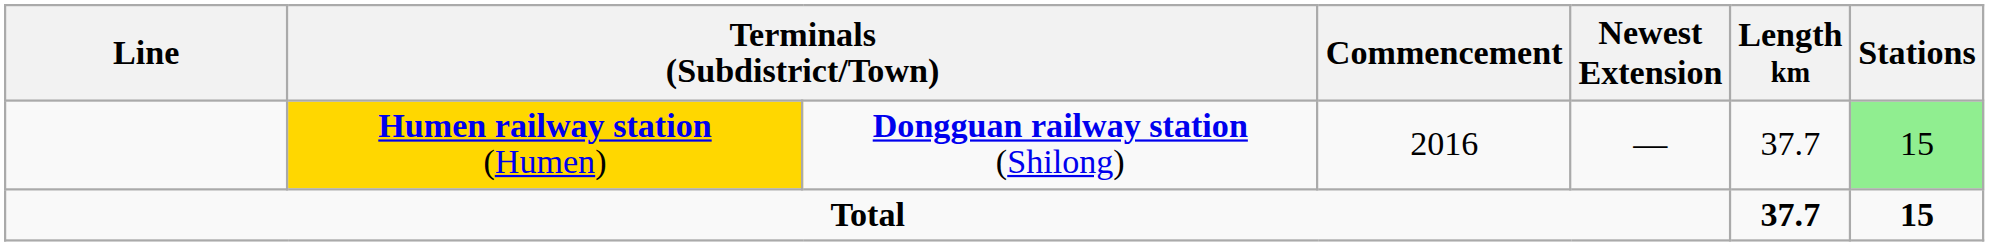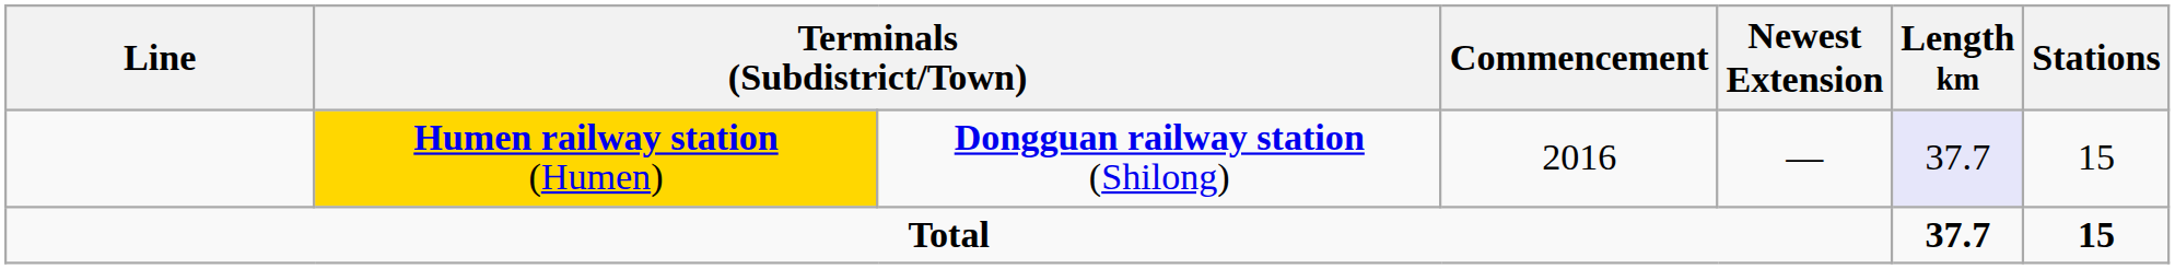 <table class="wikitable sortable" style="cell-padding:1.5; font-size:96%; text-align:center;">
 <tr>
 <th data-sort-type="text"style="width:120px;">Line</th>
 <th class="unsortable" colspan="2" style="width:450px; line-height:1.05">Terminals<br>(Subdistrict/Town)</th>
 <th>Commencement</th>
 <th>Newest<br>Extension</th>
 <th style="line-height:1.05">Length<br><small>km</small></th>
 <th style="line-height:1.05">Stations</th>
 </tr>
 <tr>
 <td style="text-align:center; line-height:1.05"></td>
 <td style="background: gold; text-align:center; width:225px; line-height:1.05"><strong><a href='#'>Humen railway station</a></strong><br>(<a href='#'>Humen</a>)</td>
 <td style="text-align:center; width:225px; line-height:1.05"><strong><a href='#'>Dongguan railway station</a></strong><br>(<a href='#'>Shilong</a>)</td>
 <td style="text-align:center; line-height:1.05">2016</td>
 <td style="text-align:center; line-height:1.05">—</td>
-<td style="text-align:center; line-height:1.05">37.7</td>
-<td style="background: lightgreen; text-align:center; line-height:1.05">15</td>
+<td style="background: lavender; text-align:center; line-height:1.05">37.7</td>
+<td style="text-align:center; line-height:1.05">15</td>
 </tr>
 <tr class="sortbottom">
 <td style="text-align:center; line-height:1.05" colspan="5"><strong>Total</strong></td>
 <td style="text-align:center; line-height:1.05"><strong>37.7</strong></td>
 <td style="text-align:center; line-height:1.05"><strong>15</strong></td>
 </tr>
 </table>
